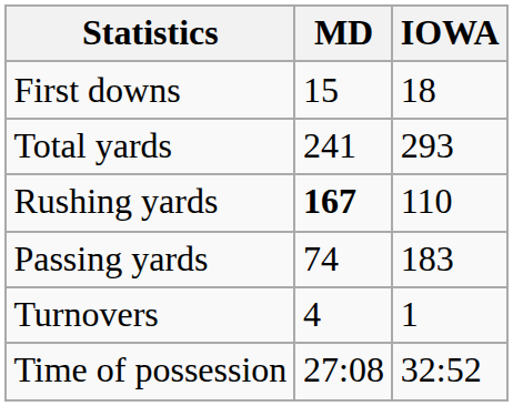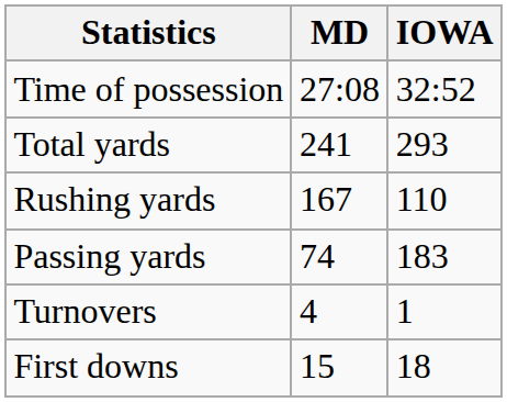 <table class="wikitable">
 <tr>
 <th>Statistics</th>
 <th>MD</th>
 <th>IOWA</th>
 </tr>
 <tr>
-<td>First downs</td>
-<td>15</td>
-<td>18</td>
+<td>Time of possession</td>
+<td>27:08</td>
+<td>32:52</td>
 </tr>
 <tr>
 <td>Total yards</td>
 <td>241</td>
 <td>293</td>
 </tr>
 <tr>
 <td>Rushing yards</td>
-<td><strong>167</strong></td>
+<td>167</td>
 <td>110</td>
 </tr>
 <tr>
 <td>Passing yards</td>
 <td>74</td>
 <td>183</td>
 </tr>
 <tr>
 <td>Turnovers</td>
 <td>4</td>
 <td>1</td>
 </tr>
 <tr>
-<td>Time of possession</td>
-<td>27:08</td>
-<td>32:52</td>
+<td>First downs</td>
+<td>15</td>
+<td>18</td>
 </tr>
 <tr>
 </tr>
 </table>
